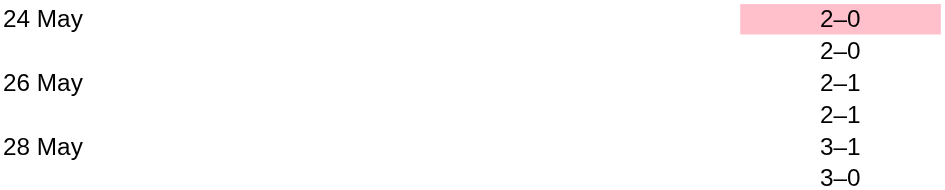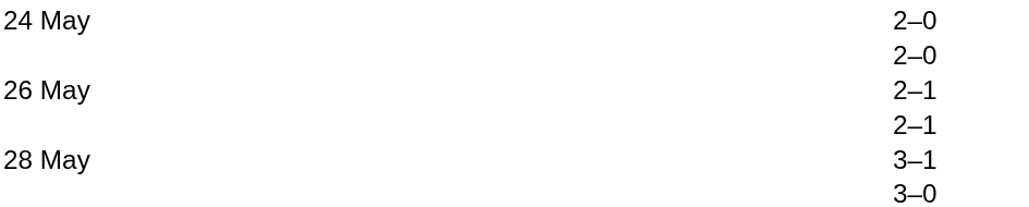 <table cellspacing=1 width=70%>
 <tr>
 <th width=25%></th>
 <th width=30%></th>
 <th width=15%></th>
 <th width=30%></th>
 </tr>
 <tr>
 <td>24 May</td>
 <td align=right></td>
-<td align=center style="background: pink;">2–0</td>
+<td align=center>2–0</td>
 <td></td>
 </tr>
 <tr>
 <td></td>
 <td align=right></td>
 <td align=center>2–0</td>
 <td></td>
 </tr>
 <tr>
 <td>26 May</td>
 <td align=right></td>
 <td align=center>2–1</td>
 <td></td>
 </tr>
 <tr>
 <td></td>
 <td align=right></td>
 <td align=center>2–1</td>
 <td></td>
 </tr>
 <tr>
 <td>28 May</td>
 <td align=right></td>
 <td align=center>3–1</td>
 <td></td>
 </tr>
 <tr>
 <td></td>
 <td align=right></td>
 <td align=center>3–0</td>
 <td></td>
 </tr>
 </table>
